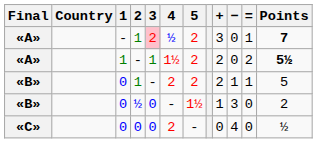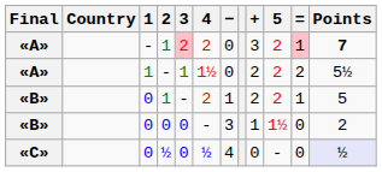 <table class="wikitable" style="text-align:center">
 <tr>
 <th>Final</th>
 <th>Country</th>
 <th>1</th>
 <th>2</th>
 <th>3</th>
 <th>4</th>
-<th>5</th>
+<th>−</th>
 <th></th>
 <th>+</th>
-<th>−</th>
+<th>5</th>
 <th>=</th>
 <th>Points</th>
 </tr>
 <tr>
 <th>«A»</th>
 <td style="text-align: left"></td>
 <td>-</td>
 <td style="color:green;">1</td>
 <td style="background: pink; color:red;">2</td>
-<td style="color:blue;">½</td>
 <td style="color:red;">2</td>
+<td>0</td>
 <th></th>
 <td>3</td>
-<td>0</td>
-<td>1</td>
+<td style="color:red;">2</td>
+<td style="background: pink;">1</td>
 <td><strong>7</strong></td>
 </tr>
 <tr>
 <th>«A»</th>
 <td style="text-align: left"></td>
 <td style="color:green;">1</td>
 <td>-</td>
 <td style="color:green;">1</td>
 <td style="color:red;">1½</td>
-<td style="color:red;">2</td>
+<td>0</td>
 <th></th>
 <td>2</td>
-<td>0</td>
+<td style="color:red;">2</td>
 <td>2</td>
-<td><strong>5½</strong></td>
+<td>5½</td>
 </tr>
 <tr>
 <th>«B»</th>
 <td style="text-align: left"></td>
 <td style="color:blue;">0</td>
 <td style="color:green;">1</td>
 <td>-</td>
 <td style="color:red;">2</td>
-<td style="color:red;">2</td>
+<td>1</td>
 <th></th>
 <td>2</td>
-<td>1</td>
+<td style="color:red;">2</td>
 <td>1</td>
 <td>5</td>
 </tr>
 <tr>
 <th>«B»</th>
 <td style="text-align: left"></td>
 <td style="color:blue;">0</td>
-<td style="color:blue;">½</td>
+<td style="color:blue;">0</td>
 <td style="color:blue;">0</td>
 <td>-</td>
-<td style="color:red;">1½</td>
+<td>3</td>
 <th></th>
 <td>1</td>
-<td>3</td>
+<td style="color:red;">1½</td>
 <td>0</td>
 <td>2</td>
 </tr>
 <tr>
 <th>«C»</th>
 <td style="text-align: left"></td>
 <td style="color:blue;">0</td>
+<td style="color:blue;">½</td>
 <td style="color:blue;">0</td>
-<td style="color:blue;">0</td>
-<td style="color:red;">2</td>
-<td>-</td>
+<td style="color:blue;">½</td>
+<td>4</td>
 <th></th>
 <td>0</td>
-<td>4</td>
+<td>-</td>
 <td>0</td>
-<td>½</td>
+<td style="background: lavender;">½</td>
 </tr>
 </table>
